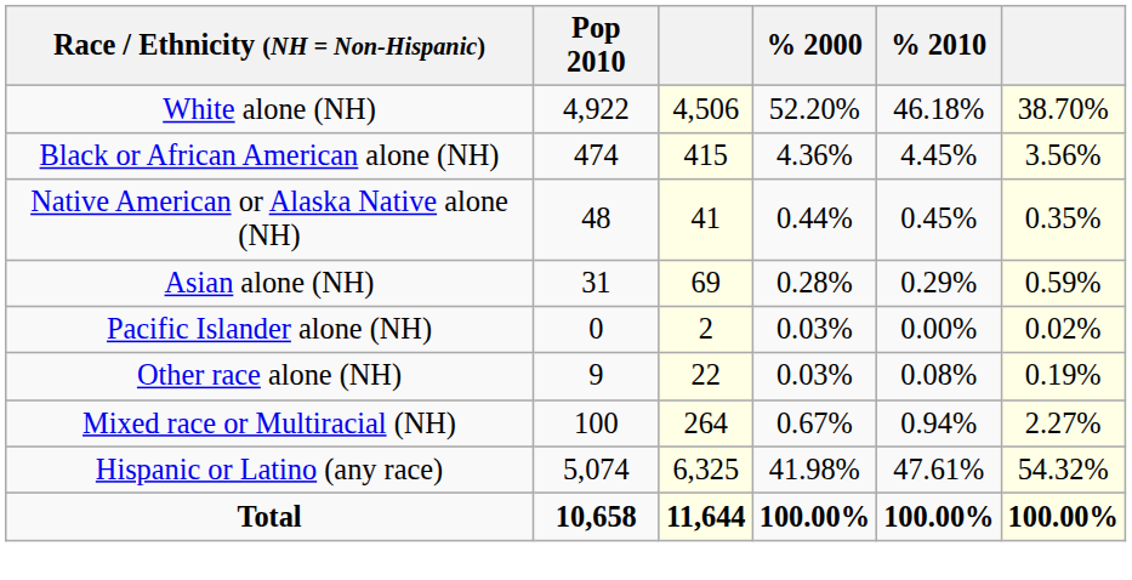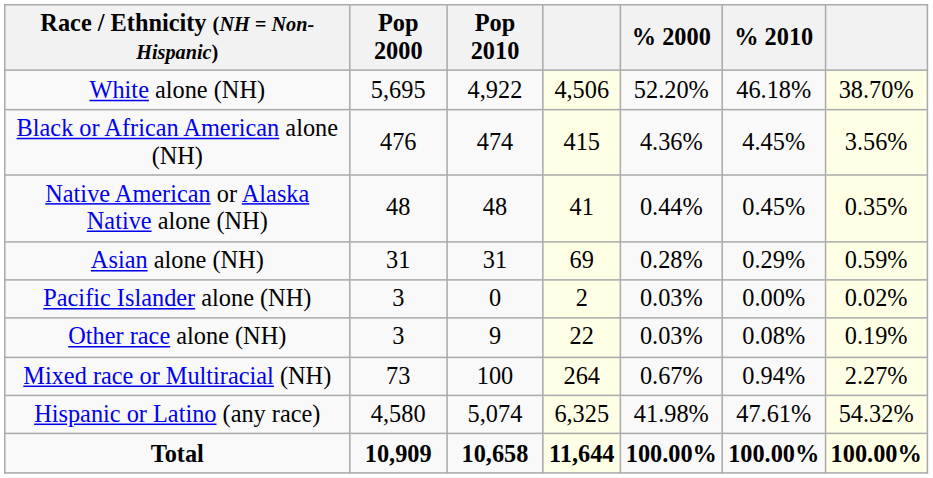 <table class="wikitable" style="text-align:center;">
 <tr>
 <th>Race / Ethnicity <small>(<em>NH = Non-Hispanic</em>)</small></th>
+<th>Pop 2000</th>
 <th>Pop 2010</th>
 <th></th>
 <th>% 2000</th>
 <th>% 2010</th>
 <th></th>
 </tr>
 <tr>
 <td><a href='#'>White</a> alone (NH)</td>
+<td>5,695</td>
 <td>4,922</td>
 <td style='background: #ffffe6;'>4,506</td>
 <td>52.20%</td>
 <td>46.18%</td>
 <td style='background: #ffffe6;'>38.70%</td>
 </tr>
 <tr>
 <td><a href='#'>Black or African American</a> alone (NH)</td>
+<td>476</td>
 <td>474</td>
 <td style='background: #ffffe6;'>415</td>
 <td>4.36%</td>
 <td>4.45%</td>
 <td style='background: #ffffe6;'>3.56%</td>
 </tr>
 <tr>
 <td><a href='#'>Native American</a> or <a href='#'>Alaska Native</a> alone (NH)</td>
 <td>48</td>
+<td>48</td>
 <td style='background: #ffffe6;'>41</td>
 <td>0.44%</td>
 <td>0.45%</td>
 <td style='background: #ffffe6;'>0.35%</td>
 </tr>
 <tr>
 <td><a href='#'>Asian</a> alone (NH)</td>
 <td>31</td>
+<td>31</td>
 <td style='background: #ffffe6;'>69</td>
 <td>0.28%</td>
 <td>0.29%</td>
 <td style='background: #ffffe6;'>0.59%</td>
 </tr>
 <tr>
 <td><a href='#'>Pacific Islander</a> alone (NH)</td>
+<td>3</td>
 <td>0</td>
 <td style='background: #ffffe6;'>2</td>
 <td>0.03%</td>
 <td>0.00%</td>
 <td style='background: #ffffe6;'>0.02%</td>
 </tr>
 <tr>
 <td><a href='#'>Other race</a> alone (NH)</td>
+<td>3</td>
 <td>9</td>
 <td style='background: #ffffe6;'>22</td>
 <td>0.03%</td>
 <td>0.08%</td>
 <td style='background: #ffffe6;'>0.19%</td>
 </tr>
 <tr>
 <td><a href='#'>Mixed race or Multiracial</a> (NH)</td>
+<td>73</td>
 <td>100</td>
 <td style='background: #ffffe6;'>264</td>
 <td>0.67%</td>
 <td>0.94%</td>
 <td style='background: #ffffe6;'>2.27%</td>
 </tr>
 <tr>
 <td><a href='#'>Hispanic or Latino</a> (any race)</td>
+<td>4,580</td>
 <td>5,074</td>
 <td style='background: #ffffe6;'>6,325</td>
 <td>41.98%</td>
 <td>47.61%</td>
 <td style='background: #ffffe6;'>54.32%</td>
 </tr>
 <tr>
 <td><strong>Total</strong></td>
+<td><strong>10,909</strong></td>
 <td><strong>10,658</strong></td>
 <td style='background: #ffffe6;'><strong>11,644</strong></td>
 <td><strong>100.00%</strong></td>
 <td><strong>100.00%</strong></td>
 <td style='background: #ffffe6;'><strong>100.00%</strong></td>
 </tr>
 </table>
